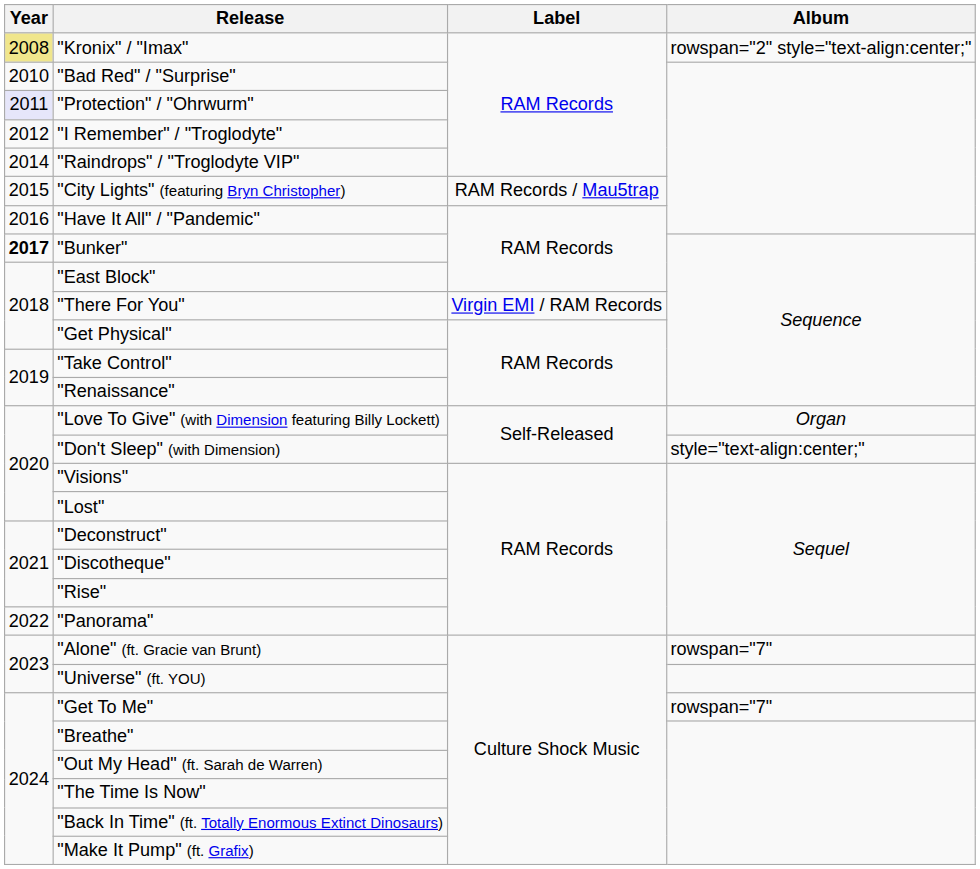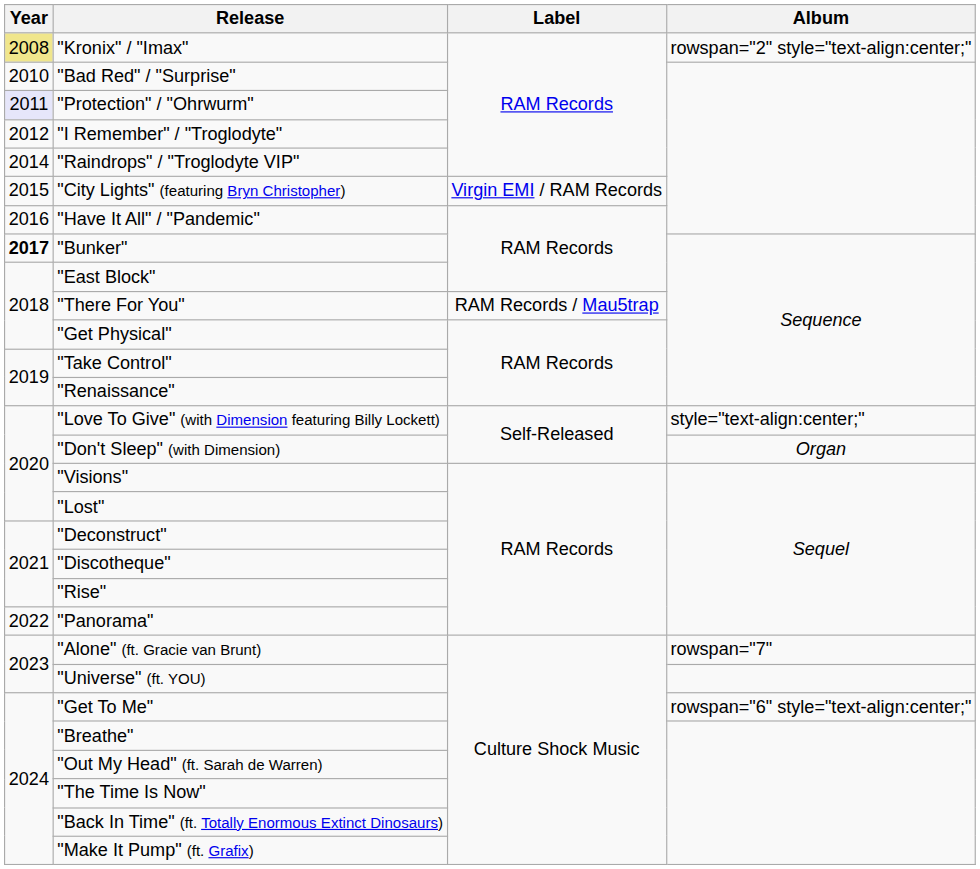 <table class=wikitable>
 <tr>
 <th>Year</th>
 <th>Release</th>
 <th>Label</th>
 <th>Album</th>
 </tr>
 <tr>
 <td style="background: khaki; text-align:center;">2008</td>
 <td>"Kronix" / "Imax"</td>
 <td style="text-align:center;" rowspan="5"><a href='#'>RAM Records</a></td>
 <td>rowspan="2" style="text-align:center;" </td>
 </tr>
 <tr>
 <td style="text-align:center;">2010</td>
 <td>"Bad Red" / "Surprise"</td>
 </tr>
 <tr>
 <td style="background: lavender; text-align:center;">2011</td>
 <td>"Protection" / "Ohrwurm"</td>
 </tr>
 <tr>
 <td style="text-align:center;">2012</td>
 <td>"I Remember" / "Troglodyte"</td>
 </tr>
 <tr>
 <td style="text-align:center;">2014</td>
 <td>"Raindrops" / "Troglodyte VIP"</td>
 </tr>
 <tr>
 <td style="text-align:center;">2015</td>
 <td>"City Lights" <small>(featuring <a href='#'>Bryn Christopher</a>)</small></td>
-<td style="text-align:center;">RAM Records / <a href='#'>Mau5trap</a></td>
+<td style="text-align:center;"><a href='#'>Virgin EMI</a> / RAM Records</td>
 </tr>
 <tr>
 <td style="text-align:center;">2016</td>
 <td>"Have It All" / "Pandemic"</td>
 <td style="text-align:center;"  rowspan="3">RAM Records</td>
 </tr>
 <tr>
 <td style="text-align:center;"><strong>2017</strong></td>
 <td>"Bunker"</td>
 <td style="text-align:center;" rowspan="6"><em>Sequence</em></td>
 </tr>
 <tr>
 <td style="text-align:center;" rowspan="3">2018</td>
 <td>"East Block"</td>
 </tr>
 <tr>
 <td>"There For You"</td>
-<td style="text-align:center;"><a href='#'>Virgin EMI</a> / RAM Records</td>
+<td style="text-align:center;">RAM Records / <a href='#'>Mau5trap</a></td>
 </tr>
 <tr>
 <td>"Get Physical"</td>
 <td style="text-align:center;" rowspan="3">RAM Records</td>
 </tr>
 <tr>
 <td style="“text-align:center;" rowspan="2">2019</td>
 <td>"Take Control"</td>
 </tr>
 <tr>
 <td>"Renaissance"</td>
 </tr>
 <tr>
 <td style="“text-align:center;" rowspan="4">2020</td>
 <td>"Love To Give" <small>(with <a href='#'>Dimension</a> featuring Billy Lockett)</small></td>
 <td style="text-align:center;" rowspan="2">Self-Released</td>
-<td style="text-align:center;"><em>Organ</em></td>
+<td>style="text-align:center;" </td>
 </tr>
 <tr>
 <td>"Don't Sleep" <small>(with Dimension)</small></td>
-<td>style="text-align:center;" </td>
+<td style="text-align:center;"><em>Organ</em></td>
 </tr>
 <tr>
 <td>"Visions"</td>
 <td rowspan="6" style="text-align:center;">RAM Records</td>
 <td rowspan="6" style="text-align:center;"><em>Sequel</em></td>
 </tr>
 <tr>
 <td>"Lost"</td>
 </tr>
 <tr>
 <td rowspan="3" style="“text-align:center;">2021</td>
 <td>"Deconstruct"</td>
 </tr>
 <tr>
 <td>"Discotheque"</td>
 </tr>
 <tr>
 <td>"Rise"</td>
 </tr>
 <tr>
 <td rowspan="1" style="“text-align:center;">2022</td>
 <td>"Panorama"</td>
 </tr>
 <tr>
 <td rowspan="2" style="“text-align:center;">2023</td>
 <td>"Alone" <small> (ft. Gracie van Brunt)</small></td>
 <td rowspan="8" style="text-align:center;">Culture Shock Music</td>
 <td>rowspan="7" </td>
 </tr>
 <tr>
 <td>"Universe" <small> (ft. YOU)</small></td>
 </tr>
 <tr>
 <td rowspan="6" style="“text-align:center;">2024</td>
 <td>"Get To Me"</td>
-<td>rowspan="7" </td>
+<td>rowspan="6" style="text-align:center;" </td>
 </tr>
 <tr>
 <td>"Breathe"</td>
 </tr>
 <tr>
 <td>"Out My Head" <small> (ft. Sarah de Warren)</small></td>
 </tr>
 <tr>
 <td>"The Time Is Now"</td>
 </tr>
 <tr>
 <td>"Back In Time" <small> (ft. <a href='#'>Totally Enormous Extinct Dinosaurs</a>)</small></td>
 </tr>
 <tr>
 <td>"Make It Pump" <small> (ft. <a href='#'>Grafix</a>)</small></td>
 </tr>
 </table>
